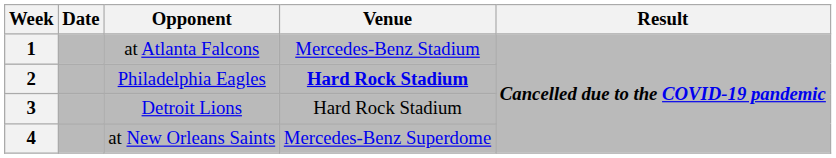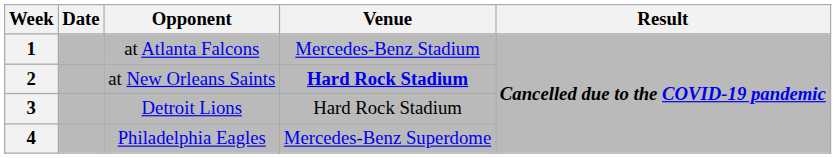 <table class="wikitable" style="text-align:center">
 <tr>
 <th>Week</th>
 <th>Date</th>
 <th>Opponent</th>
 <th>Venue</th>
 <th>Result</th>
 </tr>
 <tr style="background:#bababa">
 <th>1</th>
 <td></td>
 <td>at <a href='#'>Atlanta Falcons</a></td>
 <td><a href='#'>Mercedes-Benz Stadium</a></td>
 <td rowspan=4><strong><em>Cancelled due to the <a href='#'>COVID-19 pandemic</a></em></strong></td>
 </tr>
 <tr style="background:#bababa">
 <th>2</th>
 <td></td>
-<td><a href='#'>Philadelphia Eagles</a></td>
+<td>at <a href='#'>New Orleans Saints</a></td>
 <td><strong><a href='#'>Hard Rock Stadium</a></strong></td>
 </tr>
 <tr style="background:#bababa">
 <th>3</th>
 <td></td>
 <td><a href='#'>Detroit Lions</a></td>
 <td>Hard Rock Stadium</td>
 </tr>
 <tr style="background:#bababa">
 <th>4</th>
 <td></td>
-<td>at <a href='#'>New Orleans Saints</a></td>
+<td><a href='#'>Philadelphia Eagles</a></td>
 <td><a href='#'>Mercedes-Benz Superdome</a></td>
 </tr>
 </table>
